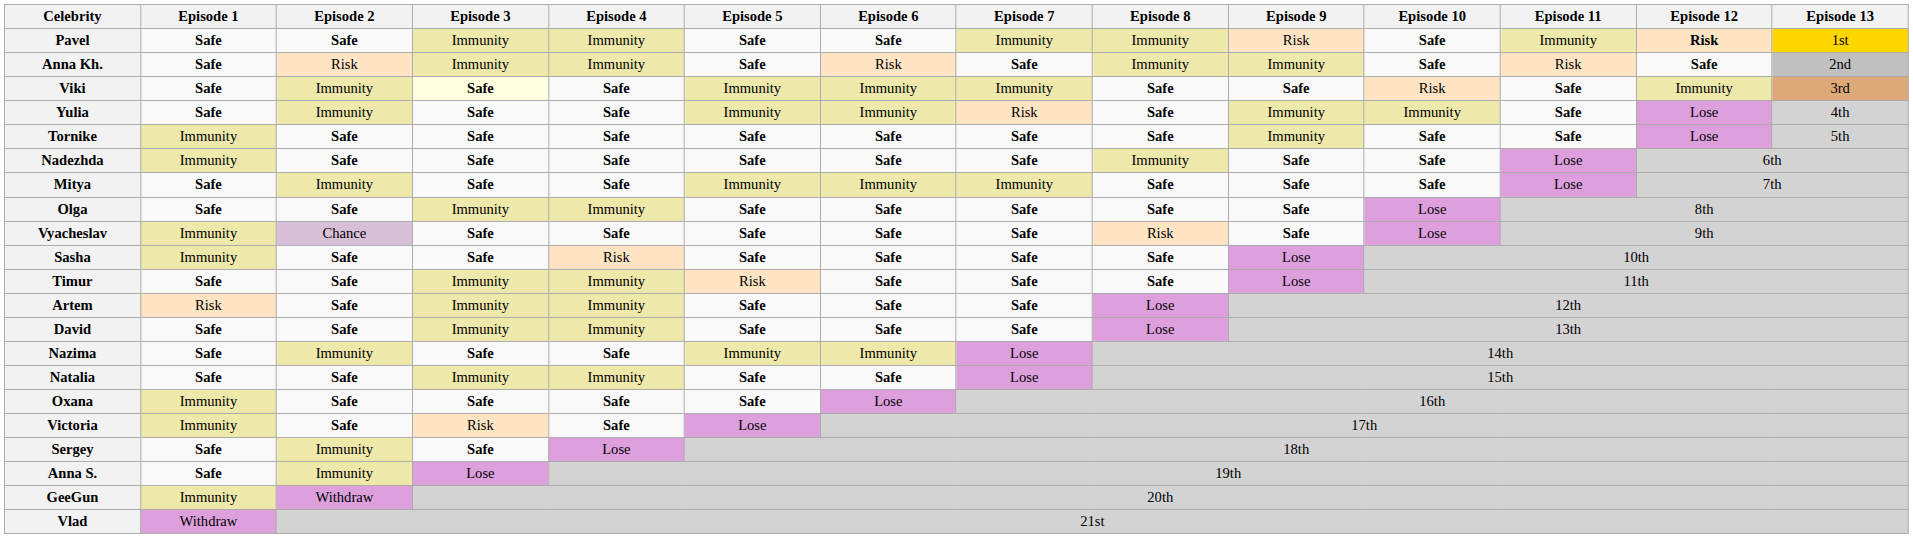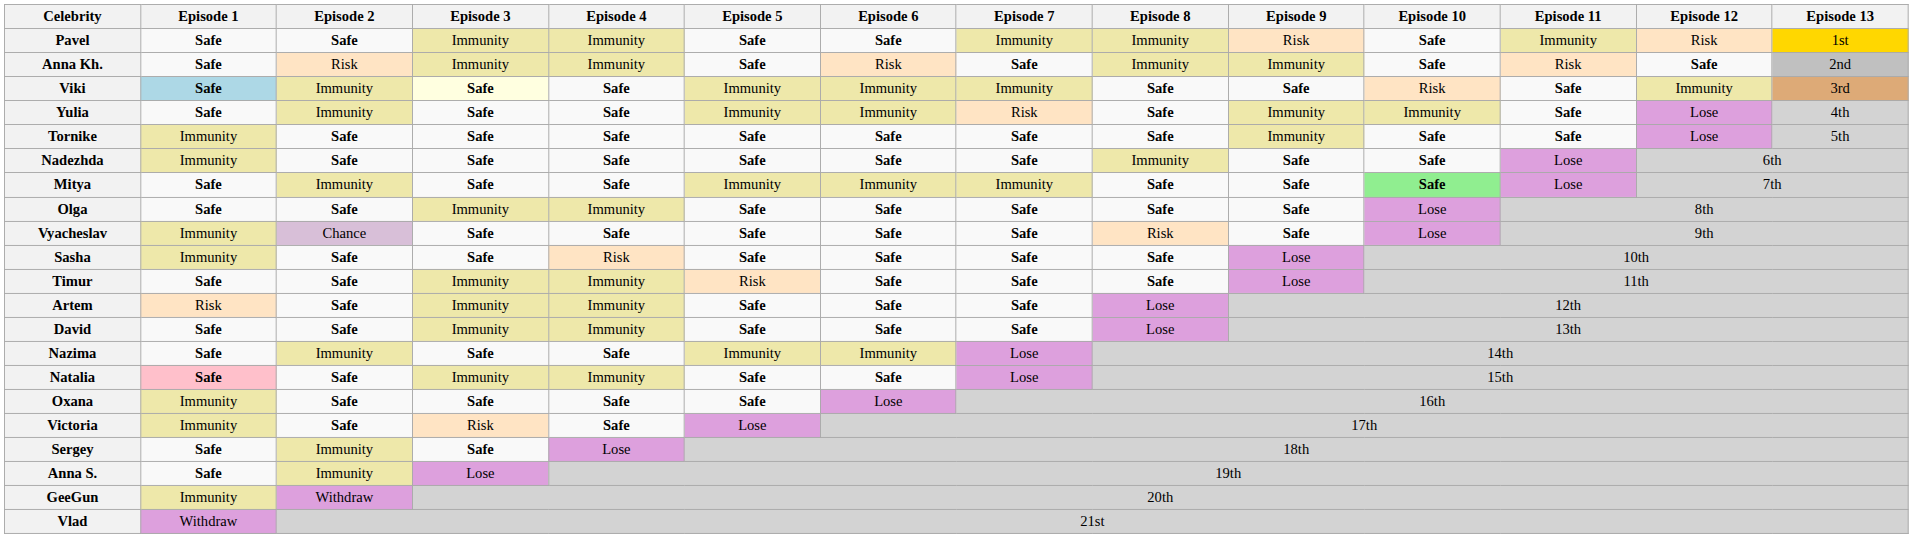 <table class="wikitable" style="text-align:center; font-size:95%; width:100%;">
 <tr>
 <th style="width:7%">Celebrity</th>
 <th style="width:7%">Episode 1</th>
 <th style="width:7%">Episode 2</th>
 <th style="width:7%">Episode 3</th>
 <th style="width:7%">Episode 4</th>
 <th style="width:7%">Episode 5</th>
 <th style="width:7%">Episode 6</th>
 <th style="width:7%">Episode 7</th>
 <th style="width:7%">Episode 8</th>
 <th style="width:7%">Episode 9</th>
 <th style="width:7%">Episode 10</th>
 <th style="width:7%">Episode 11</th>
 <th style="width:7%">Episode 12</th>
 <th style="width:7%">Episode 13</th>
 </tr>
 <tr>
 <th>Pavel</th>
 <td><strong>Safe</strong></td>
 <td><strong>Safe</strong></td>
 <td style="background:#EEE8AA">Immunity</td>
 <td style="background:#EEE8AA">Immunity</td>
 <td><strong>Safe</strong></td>
 <td><strong>Safe</strong></td>
 <td style="background:#EEE8AA">Immunity</td>
 <td style="background:#EEE8AA">Immunity</td>
 <td style="background:#FFE4C4">Risk</td>
 <td><strong>Safe</strong></td>
 <td style="background:#EEE8AA">Immunity</td>
-<td style="background:#FFE4C4"><strong>Risk</strong></td>
+<td style="background:#FFE4C4">Risk</td>
 <td style="background:gold">1st</td>
 </tr>
 <tr>
 <th>Anna Kh.</th>
 <td><strong>Safe</strong></td>
 <td style="background:#FFE4C4">Risk</td>
 <td style="background:#EEE8AA">Immunity</td>
 <td style="background:#EEE8AA">Immunity</td>
 <td><strong>Safe</strong></td>
 <td style="background:#FFE4C4">Risk</td>
 <td><strong>Safe</strong></td>
 <td style="background:#EEE8AA">Immunity</td>
 <td style="background:#EEE8AA">Immunity</td>
 <td><strong>Safe</strong></td>
 <td style="background:#FFE4C4">Risk</td>
 <td><strong>Safe</strong></td>
 <td style="background:silver">2nd</td>
 </tr>
 <tr>
 <th>Viki</th>
-<td><strong>Safe</strong></td>
+<td style="background: lightblue;"><strong>Safe</strong></td>
 <td style="background:#EEE8AA">Immunity</td>
 <td style="background: lightyellow;"><strong>Safe</strong></td>
 <td><strong>Safe</strong></td>
 <td style="background:#EEE8AA">Immunity</td>
 <td style="background:#EEE8AA">Immunity</td>
 <td style="background:#EEE8AA">Immunity</td>
 <td><strong>Safe</strong></td>
 <td><strong>Safe</strong></td>
 <td style="background:#FFE4C4">Risk</td>
 <td><strong>Safe</strong></td>
 <td style="background:#EEE8AA">Immunity</td>
 <td style="background:#da7">3rd</td>
 </tr>
 <tr>
 <th>Yulia</th>
 <td><strong>Safe</strong></td>
 <td style="background:#EEE8AA">Immunity</td>
 <td><strong>Safe</strong></td>
 <td><strong>Safe</strong></td>
 <td style="background:#EEE8AA">Immunity</td>
 <td style="background:#EEE8AA">Immunity</td>
 <td style="background:#FFE4C4">Risk</td>
 <td><strong>Safe</strong></td>
 <td style="background:#EEE8AA">Immunity</td>
 <td style="background:#EEE8AA">Immunity</td>
 <td><strong>Safe</strong></td>
 <td style="background:#DDA0DD">Lose</td>
 <td style="background:lightgrey" colspan=1>4th</td>
 </tr>
 <tr>
 <th>Tornike</th>
 <td style="background:#EEE8AA">Immunity</td>
 <td><strong>Safe</strong></td>
 <td><strong>Safe</strong></td>
 <td><strong>Safe</strong></td>
 <td><strong>Safe</strong></td>
 <td><strong>Safe</strong></td>
 <td><strong>Safe</strong></td>
 <td><strong>Safe</strong></td>
 <td style="background:#EEE8AA">Immunity</td>
 <td><strong>Safe</strong></td>
 <td><strong>Safe</strong></td>
 <td style="background:#DDA0DD">Lose</td>
 <td style="background:lightgrey" colspan=1>5th</td>
 </tr>
 <tr>
 <th>Nadezhda</th>
 <td style="background:#EEE8AA">Immunity</td>
 <td><strong>Safe</strong></td>
 <td><strong>Safe</strong></td>
 <td><strong>Safe</strong></td>
 <td><strong>Safe</strong></td>
 <td><strong>Safe</strong></td>
 <td><strong>Safe</strong></td>
 <td style="background:#EEE8AA">Immunity</td>
 <td><strong>Safe</strong></td>
 <td><strong>Safe</strong></td>
 <td style="background:#DDA0DD">Lose</td>
 <td style="background:lightgrey" colspan=2>6th</td>
 </tr>
 <tr>
 <th>Mitya</th>
 <td><strong>Safe</strong></td>
 <td style="background:#EEE8AA">Immunity</td>
 <td><strong>Safe</strong></td>
 <td><strong>Safe</strong></td>
 <td style="background:#EEE8AA">Immunity</td>
 <td style="background:#EEE8AA">Immunity</td>
 <td style="background:#EEE8AA">Immunity</td>
 <td><strong>Safe</strong></td>
 <td><strong>Safe</strong></td>
-<td><strong>Safe</strong></td>
+<td style="background: lightgreen;"><strong>Safe</strong></td>
 <td style="background:#DDA0DD">Lose</td>
 <td style="background:lightgrey" colspan=2>7th</td>
 </tr>
 <tr>
 <th>Olga</th>
 <td><strong>Safe</strong></td>
 <td><strong>Safe</strong></td>
 <td style="background:#EEE8AA">Immunity</td>
 <td style="background:#EEE8AA">Immunity</td>
 <td><strong>Safe</strong></td>
 <td><strong>Safe</strong></td>
 <td><strong>Safe</strong></td>
 <td><strong>Safe</strong></td>
 <td><strong>Safe</strong></td>
 <td style="background:#DDA0DD">Lose</td>
 <td style="background:lightgrey" colspan=3>8th</td>
 </tr>
 <tr>
 <th>Vyacheslav</th>
 <td style="background:#EEE8AA">Immunity</td>
 <td style="background:#D8BFD8">Chance</td>
 <td><strong>Safe</strong></td>
 <td><strong>Safe</strong></td>
 <td><strong>Safe</strong></td>
 <td><strong>Safe</strong></td>
 <td><strong>Safe</strong></td>
 <td style="background:#FFE4C4">Risk</td>
 <td><strong>Safe</strong></td>
 <td style="background:#DDA0DD">Lose</td>
 <td style="background:lightgrey" colspan=3>9th</td>
 </tr>
 <tr>
 <th>Sasha</th>
 <td style="background:#EEE8AA">Immunity</td>
 <td><strong>Safe</strong></td>
 <td><strong>Safe</strong></td>
 <td style="background:#FFE4C4">Risk</td>
 <td><strong>Safe</strong></td>
 <td><strong>Safe</strong></td>
 <td><strong>Safe</strong></td>
 <td><strong>Safe</strong></td>
 <td style="background:#DDA0DD">Lose</td>
 <td style="background:lightgrey" colspan=4>10th</td>
 </tr>
 <tr>
 <th>Timur</th>
 <td><strong>Safe</strong></td>
 <td><strong>Safe</strong></td>
 <td style="background:#EEE8AA">Immunity</td>
 <td style="background:#EEE8AA">Immunity</td>
 <td style="background:#FFE4C4">Risk</td>
 <td><strong>Safe</strong></td>
 <td><strong>Safe</strong></td>
 <td><strong>Safe</strong></td>
 <td style="background:#DDA0DD">Lose</td>
 <td style="background:lightgrey" colspan=4>11th</td>
 </tr>
 <tr>
 <th>Artem</th>
 <td style="background:#FFE4C4">Risk</td>
 <td><strong>Safe</strong></td>
 <td style="background:#EEE8AA">Immunity</td>
 <td style="background:#EEE8AA">Immunity</td>
 <td><strong>Safe</strong></td>
 <td><strong>Safe</strong></td>
 <td><strong>Safe</strong></td>
 <td style="background:#DDA0DD">Lose</td>
 <td style="background:lightgrey" colspan=5>12th</td>
 </tr>
 <tr>
 <th>David</th>
 <td><strong>Safe</strong></td>
 <td><strong>Safe</strong></td>
 <td style="background:#EEE8AA">Immunity</td>
 <td style="background:#EEE8AA">Immunity</td>
 <td><strong>Safe</strong></td>
 <td><strong>Safe</strong></td>
 <td><strong>Safe</strong></td>
 <td style="background:#DDA0DD">Lose</td>
 <td style="background:lightgrey" colspan=5>13th</td>
 </tr>
 <tr>
 <th>Nazima</th>
 <td><strong>Safe</strong></td>
 <td style="background:#EEE8AA">Immunity</td>
 <td><strong>Safe</strong></td>
 <td><strong>Safe</strong></td>
 <td style="background:#EEE8AA">Immunity</td>
 <td style="background:#EEE8AA">Immunity</td>
 <td style="background:#DDA0DD">Lose</td>
 <td style="background:lightgrey" colspan=6>14th</td>
 </tr>
 <tr>
 <th>Natalia</th>
-<td><strong>Safe</strong></td>
+<td style="background: pink;"><strong>Safe</strong></td>
 <td><strong>Safe</strong></td>
 <td style="background:#EEE8AA">Immunity</td>
 <td style="background:#EEE8AA">Immunity</td>
 <td><strong>Safe</strong></td>
 <td><strong>Safe</strong></td>
 <td style="background:#DDA0DD">Lose</td>
 <td style="background:lightgrey" colspan=6>15th</td>
 </tr>
 <tr>
 <th>Oxana</th>
 <td style="background:#EEE8AA">Immunity</td>
 <td><strong>Safe</strong></td>
 <td><strong>Safe</strong></td>
 <td><strong>Safe</strong></td>
 <td><strong>Safe</strong></td>
 <td style="background:#DDA0DD">Lose</td>
 <td style="background:lightgrey" colspan=7>16th</td>
 </tr>
 <tr>
 <th>Victoria</th>
 <td style="background:#EEE8AA">Immunity</td>
 <td><strong>Safe</strong></td>
 <td style="background:#FFE4C4">Risk</td>
 <td><strong>Safe</strong></td>
 <td style="background:#DDA0DD">Lose</td>
 <td style="background:lightgrey" colspan=8>17th</td>
 </tr>
 <tr>
 <th>Sergey</th>
 <td><strong>Safe</strong></td>
 <td style="background:#EEE8AA">Immunity</td>
 <td><strong>Safe</strong></td>
 <td style="background:#DDA0DD">Lose</td>
 <td style="background:lightgrey" colspan=9>18th</td>
 </tr>
 <tr>
 <th>Anna S.</th>
 <td><strong>Safe</strong></td>
 <td style="background:#EEE8AA">Immunity</td>
 <td style="background:#DDA0DD">Lose</td>
 <td style="background:lightgrey" colspan=10>19th</td>
 </tr>
 <tr>
 <th>GeeGun</th>
 <td style="background:#EEE8AA">Immunity</td>
 <td style="background:#DDA0DD">Withdraw</td>
 <td style="background:lightgrey" colspan=11>20th</td>
 </tr>
 <tr>
 <th>Vlad</th>
 <td style="background:#DDA0DD">Withdraw</td>
 <td style="background:lightgrey" colspan=12>21st</td>
 </tr>
 </table>
